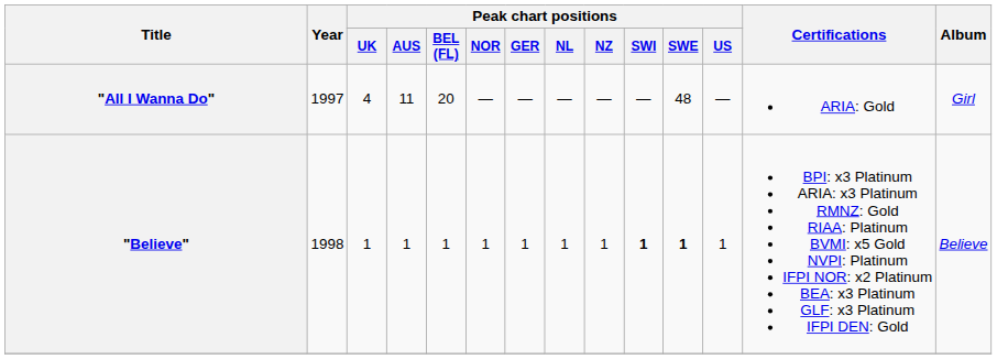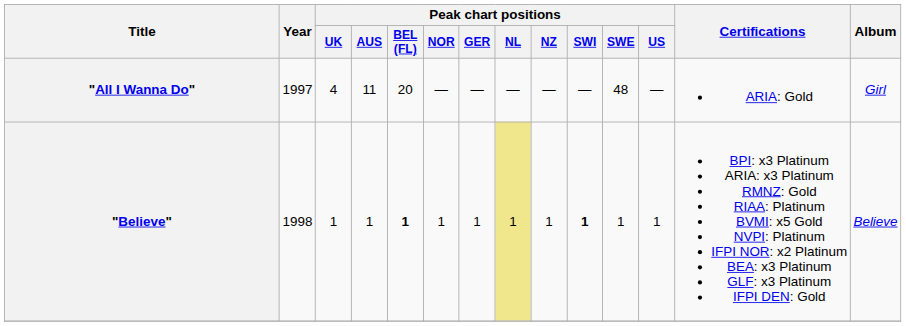 <table class="wikitable plainrowheaders" style="text-align:center;">
 <tr>
 <th scope="col" rowspan="2" style="width:20em;">Title</th>
 <th scope="col" rowspan="2" style="width:1em;">Year</th>
 <th scope="col" colspan="10">Peak chart positions</th>
 <th scope="col" rowspan="2"><a href='#'>Certifications</a></th>
 <th scope="col" rowspan="2">Album</th>
 </tr>
 <tr>
 <th scope="col" style="width:2.5em;font-size:90%;"><a href='#'>UK</a><br></th>
 <th scope="col" style="width:2.5em;font-size:90%;"><a href='#'>AUS</a><br></th>
 <th scope="col" style="width:2.5em;font-size:90%;"><a href='#'>BEL<br>(FL)</a><br></th>
 <th scope="col" style="width:2.5em;font-size:90%;"><a href='#'>NOR</a><br></th>
 <th scope="col" style="width:2.5em;font-size:90%;"><a href='#'>GER</a><br></th>
 <th scope="col" style="width:2.5em;font-size:90%;"><a href='#'>NL</a><br></th>
 <th scope="col" style="width:2.5em;font-size:90%;"><a href='#'>NZ</a><br></th>
 <th scope="col" style="width:2.5em;font-size:90%;"><a href='#'>SWI</a><br></th>
 <th scope="col" style="width:2.5em;font-size:90%;"><a href='#'>SWE</a><br></th>
 <th scope="col" style="width:2.5em;font-size:90%;"><a href='#'>US</a><br></th>
 </tr>
 <tr>
 <th scope="row">"<a href='#'>All I Wanna Do</a>"<br></th>
 <td>1997</td>
 <td>4</td>
 <td>11</td>
 <td>20</td>
 <td>—</td>
 <td>—</td>
 <td>—</td>
 <td>—</td>
 <td>—</td>
 <td>48</td>
 <td>—</td>
 <td><br><ul><li><a href='#'>ARIA</a>: Gold</li></ul></td>
 <td><em><a href='#'>Girl</a></em></td>
 </tr>
 <tr>
 <th scope="row">"<a href='#'>Believe</a>"<br></th>
 <td>1998</td>
 <td>1</td>
 <td>1</td>
+<td><strong>1</strong></td>
 <td>1</td>
 <td>1</td>
-<td>1</td>
-<td>1</td>
+<td style="background: khaki;">1</td>
 <td>1</td>
 <td><strong>1</strong></td>
-<td><strong>1</strong></td>
+<td>1</td>
 <td>1</td>
 <td><br><ul><li><a href='#'>BPI</a>: x3 Platinum</li><li>ARIA: x3 Platinum</li><li><a href='#'>RMNZ</a>: Gold</li><li><a href='#'>RIAA</a>: Platinum</li><li><a href='#'>BVMI</a>: x5 Gold</li><li><a href='#'>NVPI</a>: Platinum</li><li><a href='#'>IFPI NOR</a>: x2 Platinum</li><li><a href='#'>BEA</a>: x3 Platinum</li><li><a href='#'>GLF</a>: x3 Platinum</li><li><a href='#'>IFPI DEN</a>: Gold</li></ul></td>
 <td><em><a href='#'>Believe</a></em></td>
 </tr>
 <tr>
 </tr>
 </table>
